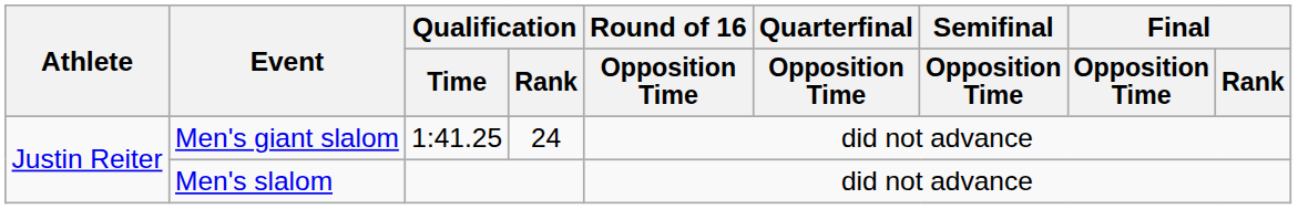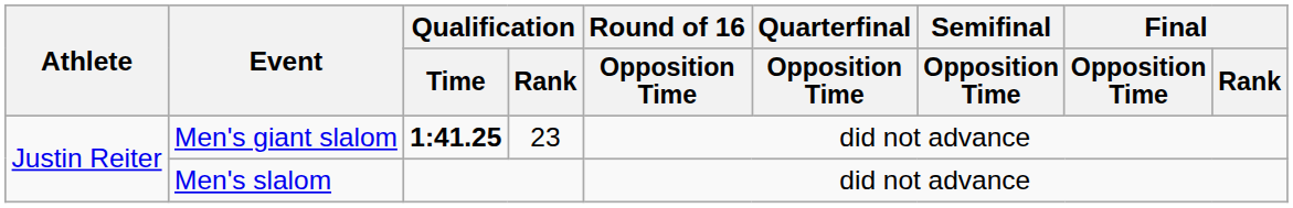 <table class=wikitable style=font-size:90%;text-align:center>
 <tr>
 <th rowspan=2>Athlete</th>
 <th rowspan=2>Event</th>
 <th colspan=2>Qualification</th>
 <th>Round of 16</th>
 <th>Quarterfinal</th>
 <th>Semifinal</th>
 <th colspan=2>Final</th>
 </tr>
 <tr style=font-size:95%>
 <th>Time</th>
 <th>Rank</th>
 <th>Opposition<br>Time</th>
 <th>Opposition<br>Time</th>
 <th>Opposition<br>Time</th>
 <th>Opposition<br>Time</th>
 <th>Rank</th>
 </tr>
 <tr>
 <td align=left rowspan=2><a href='#'>Justin Reiter</a></td>
 <td align=left><a href='#'>Men's giant slalom</a></td>
-<td>1:41.25</td>
-<td>24</td>
+<td><strong>1:41.25</strong></td>
+<td>23</td>
 <td colspan=5>did not advance</td>
 </tr>
 <tr>
 <td align=left><a href='#'>Men's slalom</a></td>
 <td colspan=2></td>
 <td colspan=5>did not advance</td>
 </tr>
 </table>
